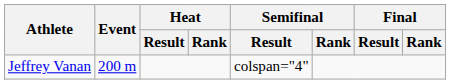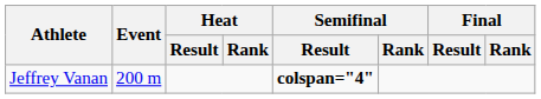 <table class="wikitable" style="font-size:90%">
 <tr>
 <th rowspan="2">Athlete</th>
 <th rowspan="2">Event</th>
 <th colspan="2">Heat</th>
 <th colspan="2">Semifinal</th>
 <th colspan="2">Final</th>
 </tr>
 <tr>
 <th>Result</th>
 <th>Rank</th>
 <th>Result</th>
 <th>Rank</th>
 <th>Result</th>
 <th>Rank</th>
 </tr>
 <tr style=text-align:center>
 <td style=text-align:left><a href='#'>Jeffrey Vanan</a></td>
 <td style=text-align:left><a href='#'>200 m</a></td>
 <td colspan="2"></td>
-<td>colspan="4" </td>
+<td><strong>colspan="4" </strong></td>
 </tr>
 </table>
